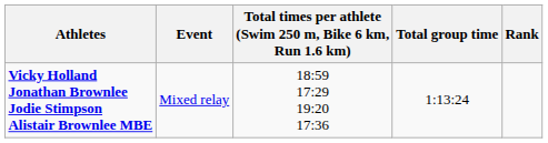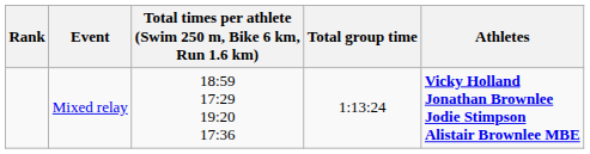 <table class="wikitable" style="font-size:90%">
 <tr>
-<th>Athletes</th>
+<th>Rank</th>
 <th>Event</th>
 <th>Total times per athlete <br> (Swim 250 m, Bike 6 km, <br> Run 1.6 km)</th>
 <th>Total group time</th>
-<th>Rank</th>
+<th>Athletes</th>
 </tr>
 <tr>
-<td><strong><a href='#'>Vicky Holland</a><br><a href='#'>Jonathan Brownlee</a><br><a href='#'>Jodie Stimpson</a><br><a href='#'>Alistair Brownlee MBE</a></strong></td>
+<td align="center"></td>
 <td align="center"><a href='#'>Mixed relay</a></td>
 <td align="center">18:59<br>17:29<br>19:20<br>17:36</td>
 <td align="center">1:13:24</td>
-<td align="center"></td>
+<td><strong><a href='#'>Vicky Holland</a><br><a href='#'>Jonathan Brownlee</a><br><a href='#'>Jodie Stimpson</a><br><a href='#'>Alistair Brownlee MBE</a></strong></td>
 </tr>
 </table>
